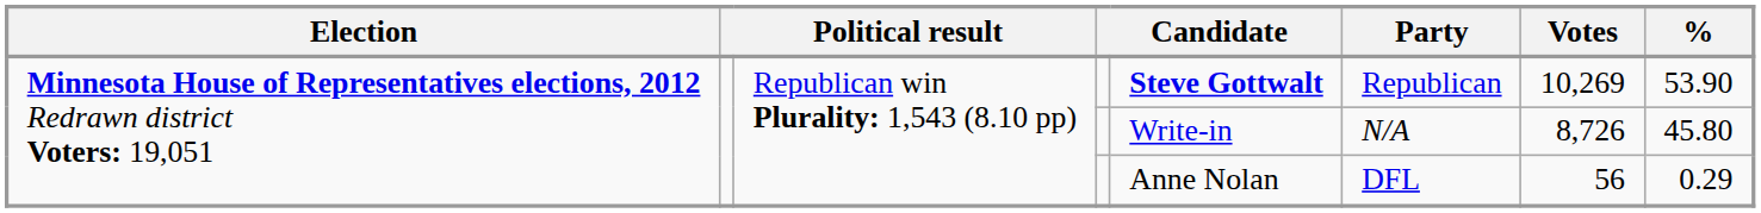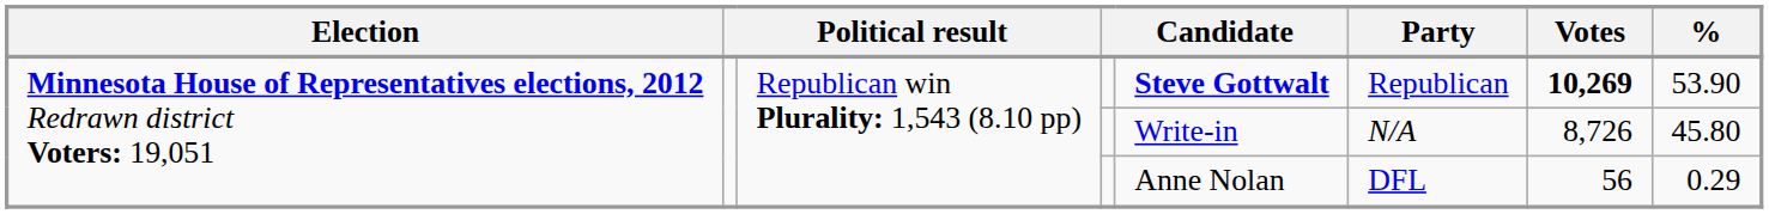 <table class="wikitable">
 <tr style="border: 2px solid #999999">
 <th>Election</th>
 <th align="center" colspan="2">Political result</th>
 <th align="center" colspan="2">Candidate</th>
 <th align="center">Party</th>
 <th align="center">Votes</th>
 <th align="center">%</th>
 </tr>
 <tr style="border-left: 2px solid #999999; border-right: 2px solid #999999">
 <td rowspan="3" valign="top" style="padding:0.2em 0.6em 0.2em 0.6em"><strong><a href='#'>Minnesota House of Representatives elections, 2012</a></strong><br><span><em>Redrawn district</em><br><strong>Voters:</strong> 19,051</span></td>
 <td rowspan="3" style="background-color:"></td>
 <td rowspan="3" valign="top" style="padding:0.2em 0.6em 0.2em 0.6em"><a href='#'>Republican</a> win<br><span><strong>Plurality:</strong> 1,543 (8.10 pp)</span></td>
 <td style="background-color:"></td>
 <td style="padding:0.2em 0.6em 0.2em 0.6em"><strong><a href='#'>Steve Gottwalt</a></strong></td>
 <td style="padding:0.2em 0.6em 0.2em 0.6em"><a href='#'>Republican</a></td>
-<td style="padding:0.2em 0.6em 0.2em 0.6em" align="right">10,269</td>
+<td style="padding:0.2em 0.6em 0.2em 0.6em" align="right"><strong>10,269</strong></td>
 <td style="padding:0.2em 0.6em 0.2em 0.6em" align="right">53.90</td>
 </tr>
 <tr style="border-left: 2px solid #999999; border-right: 2px solid #999999">
 <td style="background-color:"></td>
 <td style="padding:0.2em 0.6em 0.2em 0.6em"><a href='#'>Write-in</a></td>
 <td style="padding:0.2em 0.6em 0.2em 0.6em"><em>N/A</em></td>
 <td style="padding:0.2em 0.6em 0.2em 0.6em" align="right">8,726</td>
 <td style="padding:0.2em 0.6em 0.2em 0.6em" align="right">45.80</td>
 </tr>
 <tr style="border-left: 2px solid #999999; border-right: 2px solid #999999; border-bottom: 2px solid #999999">
 <td style="background-color:"></td>
 <td style="padding:0.2em 0.6em 0.2em 0.6em">Anne Nolan</td>
 <td style="padding:0.2em 0.6em 0.2em 0.6em"><a href='#'>DFL</a></td>
 <td style="padding:0.2em 0.6em 0.2em 0.6em" align="right">56</td>
 <td style="padding:0.2em 0.6em 0.2em 0.6em" align="right">0.29</td>
 </tr>
 </table>
